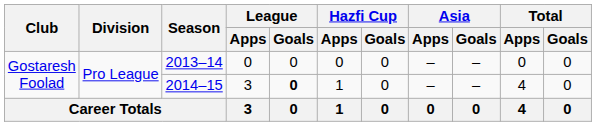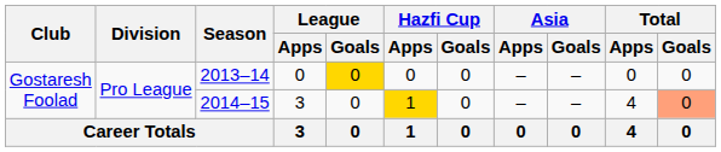 <table class="wikitable" style="text-align: center;">
 <tr>
 <th rowspan="2">Club</th>
 <th rowspan="2">Division</th>
 <th rowspan="2">Season</th>
 <th colspan="2">League</th>
 <th colspan="2"><a href='#'>Hazfi Cup</a></th>
 <th colspan="2"><a href='#'>Asia</a></th>
 <th colspan="2">Total</th>
 </tr>
 <tr>
 <th>Apps</th>
 <th>Goals</th>
 <th>Apps</th>
 <th>Goals</th>
 <th>Apps</th>
 <th>Goals</th>
 <th>Apps</th>
 <th>Goals</th>
 </tr>
 <tr>
 <td rowspan="2"><a href='#'>Gostaresh<br>Foolad</a></td>
 <td rowspan="2"><a href='#'>Pro League</a></td>
 <td><a href='#'>2013–14</a></td>
 <td>0</td>
-<td>0</td>
+<td style="background: gold;">0</td>
 <td>0</td>
 <td>0</td>
 <td>–</td>
 <td>–</td>
 <td>0</td>
 <td>0</td>
 </tr>
 <tr>
 <td><a href='#'>2014–15</a></td>
 <td>3</td>
-<td><strong>0</strong></td>
-<td>1</td>
+<td>0</td>
+<td style="background: gold;">1</td>
 <td>0</td>
 <td>–</td>
 <td>–</td>
 <td>4</td>
-<td>0</td>
+<td style="background: lightsalmon;">0</td>
 </tr>
 <tr>
 <th colspan=3>Career Totals</th>
 <th>3</th>
 <th>0</th>
 <th>1</th>
 <th>0</th>
 <th>0</th>
 <th>0</th>
 <th>4</th>
 <th>0</th>
 </tr>
 </table>
